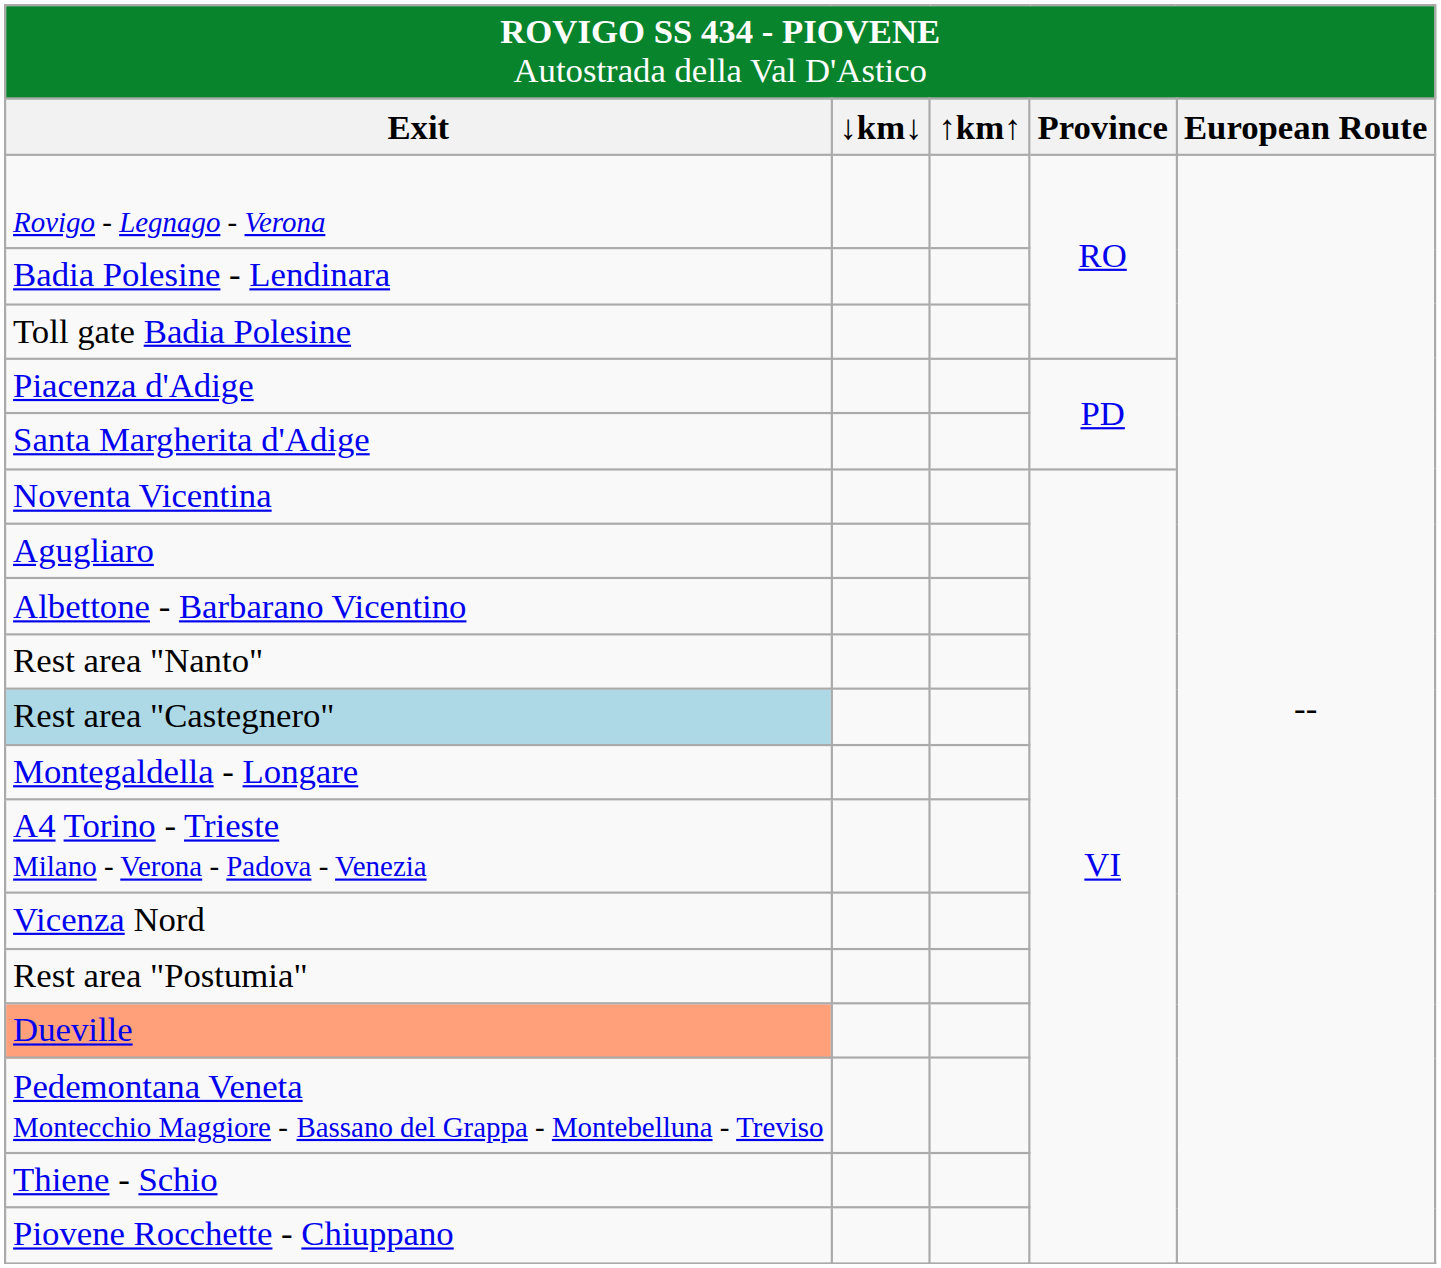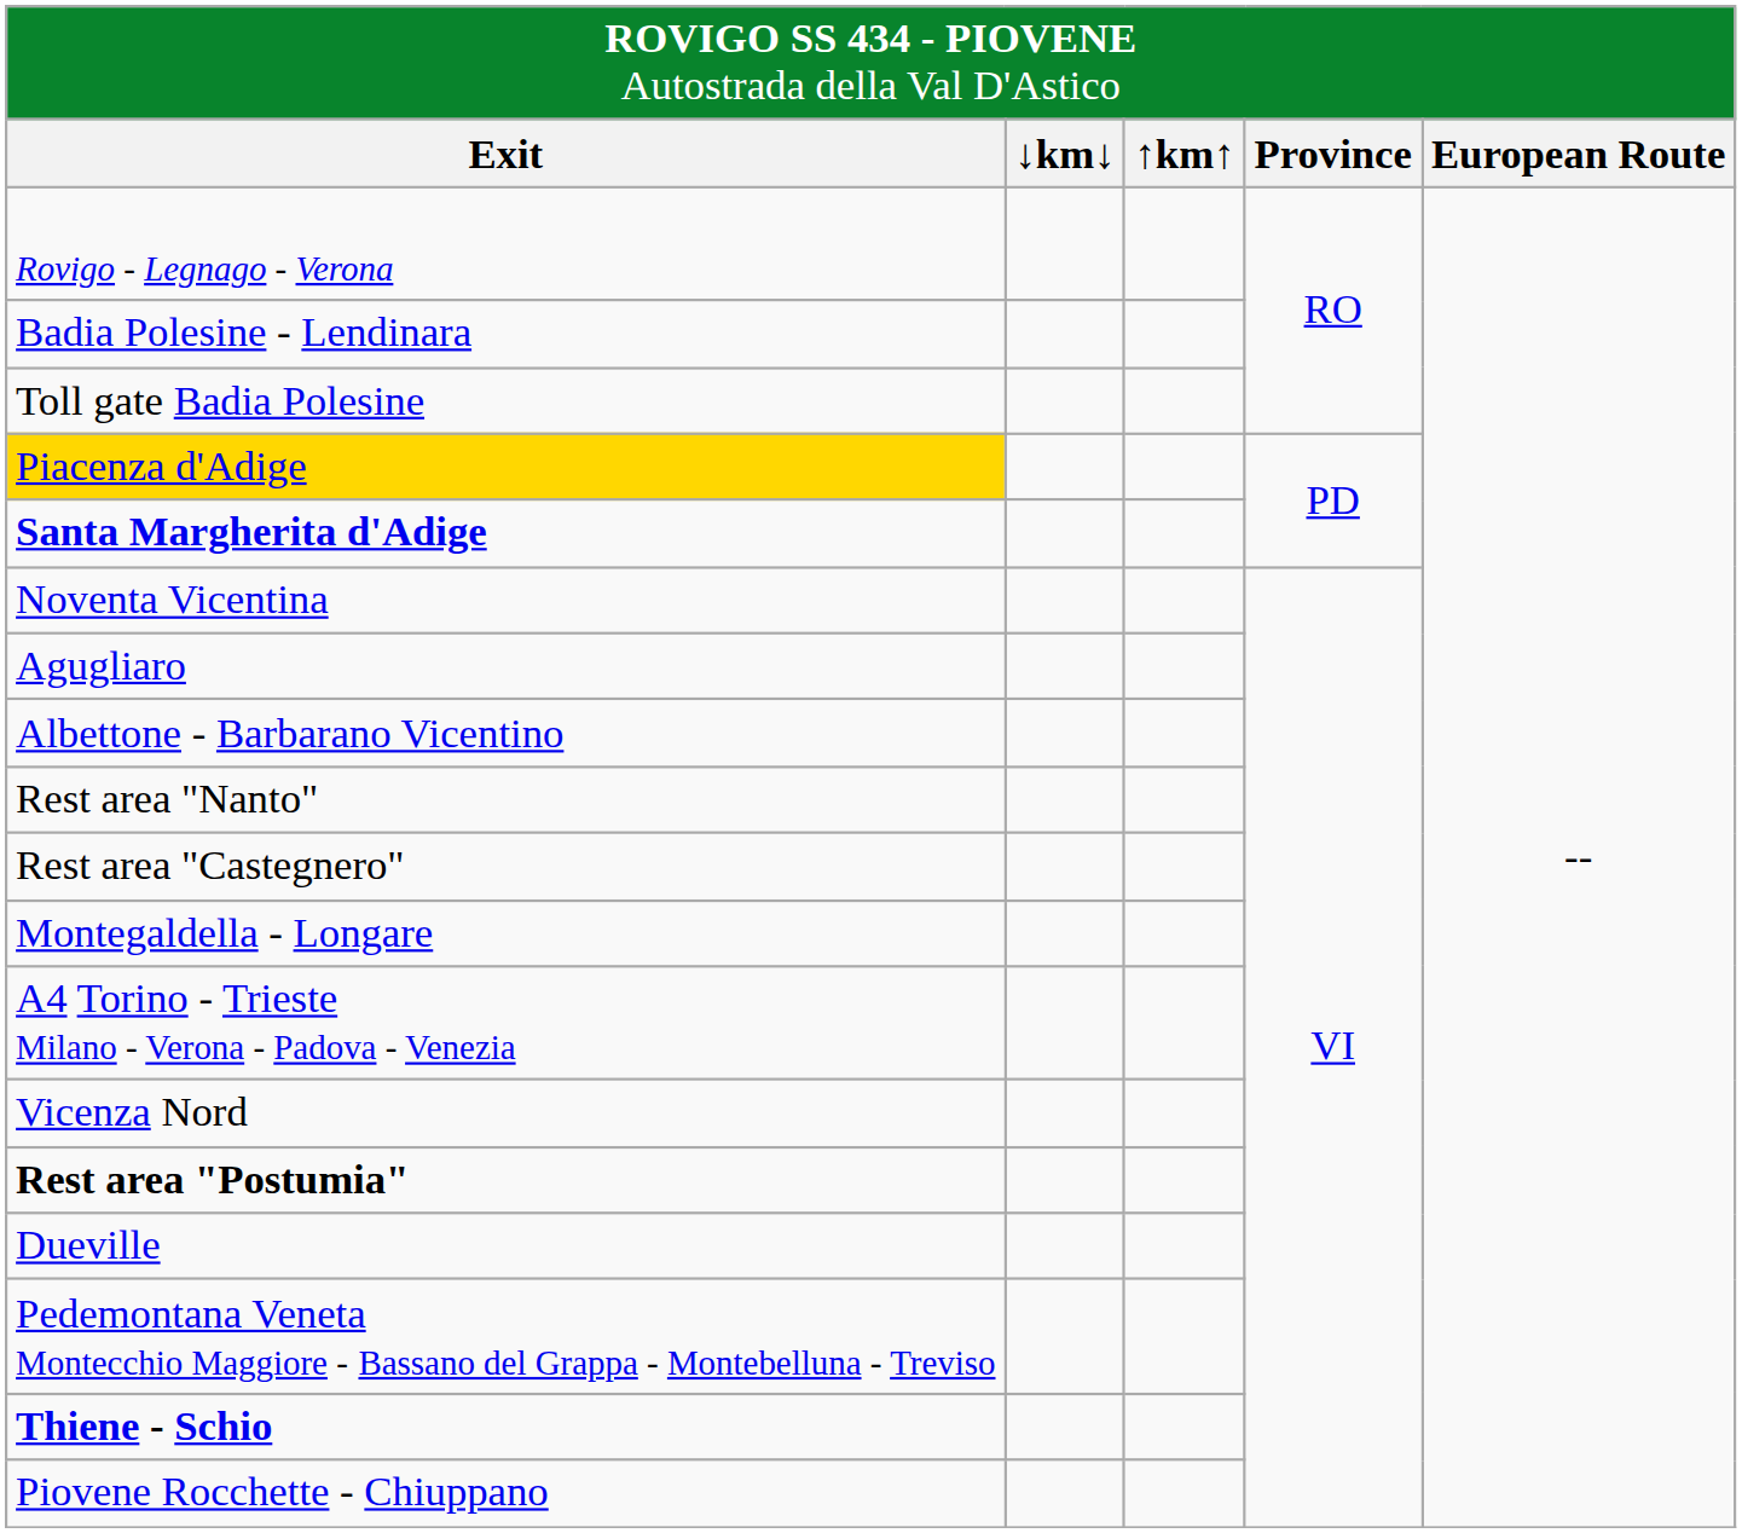 <table class="wikitable" border="1">
 <tr align="center" bgcolor="08842C" style="color: white;font-size:100%;">
 <td colspan="5"><strong> ROVIGO SS 434 - PIOVENE</strong><br>Autostrada della Val D'Astico</td>
 </tr>
 <tr>
 <th style="text-align:center;"><strong>Exit</strong></th>
 <th style="text-align:center;"><strong>↓km↓</strong></th>
 <th style="text-align:center;"><strong>↑km↑</strong></th>
 <th align="center"><strong>Province</strong></th>
 <th align="center"><strong>European Route</strong></th>
 </tr>
 <tr>
 <td>  <em><br><small><a href='#'>Rovigo</a> - <a href='#'>Legnago</a> - <a href='#'>Verona</a></small></em></td>
 <td align="center"></td>
 <td align="center"></td>
 <td align="center" rowspan=3><a href='#'>RO</a></td>
 <td align="center" rowspan=18>--</td>
 </tr>
 <tr>
 <td> <a href='#'>Badia Polesine</a> - <a href='#'>Lendinara</a></td>
 <td align="center"></td>
 <td align="center"></td>
 </tr>
 <tr>
 <td> Toll gate <a href='#'>Badia Polesine</a></td>
 <td align="center"></td>
 <td align="center"></td>
 </tr>
 <tr>
-<td> <a href='#'>Piacenza d'Adige</a></td>
+<td style="background: gold;"> <a href='#'>Piacenza d'Adige</a></td>
 <td align="center"></td>
 <td align="center"></td>
 <td rowspan="2" align="center"><a href='#'>PD</a></td>
 </tr>
 <tr>
-<td> <a href='#'>Santa Margherita d'Adige</a></td>
+<td><strong> <a href='#'>Santa Margherita d'Adige</a></strong></td>
 <td align="center"></td>
 <td align="center"></td>
 </tr>
 <tr>
 <td> <a href='#'>Noventa Vicentina</a></td>
 <td align="center"></td>
 <td align="center"></td>
 <td rowspan="13" align="center"><a href='#'>VI</a></td>
 </tr>
 <tr>
 <td> <a href='#'>Agugliaro</a></td>
 <td align="center"></td>
 <td align="center"></td>
 </tr>
 <tr>
 <td> <a href='#'>Albettone</a> - <a href='#'>Barbarano Vicentino</a></td>
 <td align="center"></td>
 <td align="center"></td>
 </tr>
 <tr>
 <td> Rest area "Nanto"</td>
 <td align="center"></td>
 <td align="center"></td>
 </tr>
 <tr>
-<td style="background: lightblue;"> Rest area "Castegnero"</td>
+<td> Rest area "Castegnero"</td>
 <td align="center"></td>
 <td align="center"></td>
 </tr>
 <tr>
 <td>  <a href='#'>Montegaldella</a> - <a href='#'>Longare</a></td>
 <td align="center"></td>
 <td align="center"></td>
 </tr>
 <tr>
 <td>    <a href='#'>A4</a> <a href='#'>Torino</a> - <a href='#'>Trieste</a><br><small><a href='#'>Milano</a> - <a href='#'>Verona</a> - <a href='#'>Padova</a> - <a href='#'>Venezia</a></small></td>
 <td align="center"></td>
 <td align="center"></td>
 </tr>
 <tr>
 <td> <a href='#'>Vicenza</a> Nord</td>
 <td align="center"></td>
 <td align="center"></td>
 </tr>
 <tr>
-<td> Rest area "Postumia"</td>
+<td><strong> Rest area "Postumia"</strong></td>
 <td align="center"></td>
 <td align="center"></td>
 </tr>
 <tr>
-<td style="background: lightsalmon;"> <a href='#'>Dueville</a></td>
+<td> <a href='#'>Dueville</a></td>
 <td align="center"></td>
 <td align="center"></td>
 </tr>
 <tr>
 <td>   <a href='#'>Pedemontana Veneta</a><br><small><a href='#'>Montecchio Maggiore</a> -</small> <small><a href='#'>Bassano del Grappa</a> - <a href='#'>Montebelluna</a> - <a href='#'>Treviso</a></small></td>
 <td align="center"></td>
 <td align="center"></td>
 </tr>
 <tr>
-<td> <a href='#'>Thiene</a> - <a href='#'>Schio</a></td>
+<td><strong> <a href='#'>Thiene</a> - <a href='#'>Schio</a></strong></td>
 <td align="center"></td>
 <td align="center"></td>
 </tr>
 <tr>
 <td> <a href='#'>Piovene Rocchette</a> - <a href='#'>Chiuppano</a></td>
 <td align="center"></td>
 <td align="center"></td>
 </tr>
 <tr>
 </tr>
 </table>
